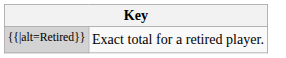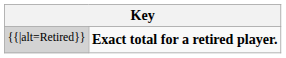 <table class="wikitable">
 <tr>
 <th colspan=2>Key</th>
 </tr>
 <tr>
 <td style="background:#d3d3d3; text-align:center;"><sup>{{|alt=Retired}}</sup></td>
-<td>Exact total for a retired player.</td>
+<td><strong>Exact total for a retired player.</strong></td>
 </tr>
 </table>
